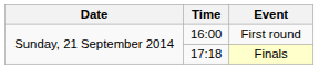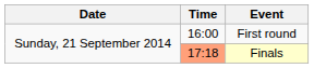 <table class = "wikitable" style="text-align:center;">
 <tr>
 <th width=220>Date</th>
 <th width=50>Time</th>
 <th width=100>Event</th>
 </tr>
 <tr>
 <td rowspan=2>Sunday, 21 September 2014</td>
 <td>16:00</td>
 <td>First round</td>
 </tr>
 <tr>
-<td>17:18</td>
+<td style="background: lightsalmon;">17:18</td>
 <td bgcolor=ffffcc>Finals</td>
 </tr>
 </table>
